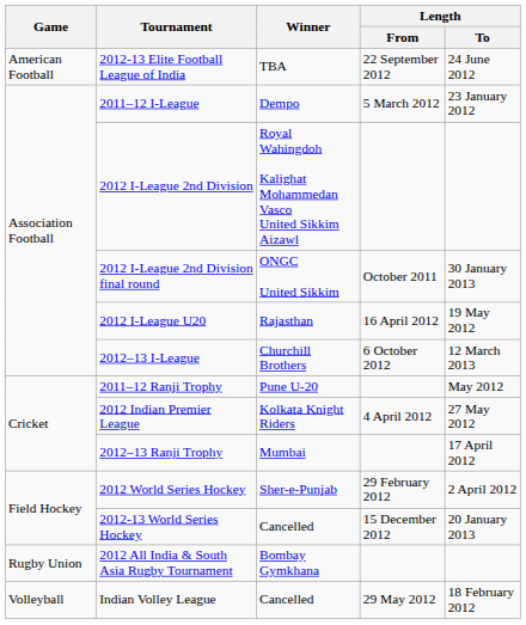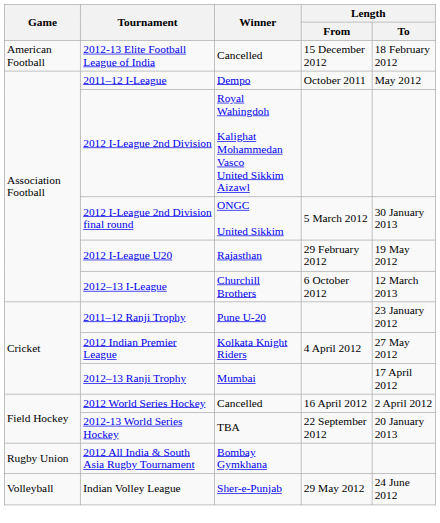 <table class="wikitable">
 <tr>
 <th rowspan=2>Game</th>
 <th rowspan=2>Tournament</th>
 <th rowspan=2>Winner</th>
 <th colspan=2>Length</th>
 </tr>
 <tr>
 <th>From</th>
 <th>To</th>
 </tr>
 <tr>
 <td>American Football</td>
 <td><a href='#'>2012-13 Elite Football League of India</a></td>
-<td>TBA</td>
-<td>22 September 2012</td>
-<td>24 June 2012</td>
+<td>Cancelled</td>
+<td>15 December 2012</td>
+<td>18 February 2012</td>
 </tr>
 <tr>
 <td rowspan=5>Association Football</td>
 <td><a href='#'>2011–12 I-League</a></td>
 <td><a href='#'>Dempo</a></td>
-<td>5 March 2012</td>
-<td>23 January 2012</td>
+<td>October 2011</td>
+<td>May 2012</td>
 </tr>
 <tr>
 <td><a href='#'>2012 I-League 2nd Division</a></td>
 <td><a href='#'>Royal Wahingdoh</a><br><br><a href='#'>Kalighat</a><br> <a href='#'>Mohammedan</a><br> <a href='#'>Vasco</a><br> <a href='#'>United Sikkim</a><br> <a href='#'>Aizawl</a></td>
 <td></td>
 <td></td>
 </tr>
 <tr>
 <td><a href='#'>2012 I-League 2nd Division final round</a></td>
 <td><a href='#'>ONGC</a><br><br><a href='#'>United Sikkim</a></td>
-<td>October 2011</td>
+<td>5 March 2012</td>
 <td>30 January 2013</td>
 </tr>
 <tr>
 <td><a href='#'>2012 I-League U20</a></td>
 <td><a href='#'>Rajasthan</a></td>
-<td>16 April 2012</td>
+<td>29 February 2012</td>
 <td>19 May 2012</td>
 </tr>
 <tr>
 <td><a href='#'>2012–13 I-League</a></td>
 <td><a href='#'>Churchill Brothers</a></td>
 <td>6 October 2012</td>
 <td>12 March 2013</td>
 </tr>
 <tr>
 <td rowspan=3>Cricket</td>
 <td><a href='#'>2011–12 Ranji Trophy</a></td>
 <td><a href='#'>Pune U-20</a></td>
 <td></td>
-<td>May 2012</td>
+<td>23 January 2012</td>
 </tr>
 <tr>
 <td><a href='#'>2012 Indian Premier League</a></td>
 <td><a href='#'>Kolkata Knight Riders</a></td>
 <td>4 April 2012</td>
 <td>27 May 2012</td>
 </tr>
 <tr>
 <td><a href='#'>2012–13 Ranji Trophy</a></td>
 <td><a href='#'>Mumbai</a></td>
 <td></td>
 <td>17 April 2012</td>
 </tr>
 <tr>
 <td rowspan=2>Field Hockey</td>
 <td><a href='#'>2012 World Series Hockey</a></td>
-<td><a href='#'>Sher-e-Punjab</a></td>
-<td>29 February 2012</td>
+<td>Cancelled</td>
+<td>16 April 2012</td>
 <td>2 April 2012</td>
 </tr>
 <tr>
 <td><a href='#'>2012-13 World Series Hockey</a></td>
-<td>Cancelled</td>
-<td>15 December 2012</td>
+<td>TBA</td>
+<td>22 September 2012</td>
 <td>20 January 2013</td>
 </tr>
 <tr>
 <td>Rugby Union</td>
 <td><a href='#'>2012 All India & South Asia Rugby Tournament</a></td>
 <td><a href='#'>Bombay Gymkhana</a></td>
 <td></td>
 <td></td>
 </tr>
 <tr>
 <td>Volleyball</td>
 <td>Indian Volley League</td>
-<td>Cancelled</td>
+<td><a href='#'>Sher-e-Punjab</a></td>
 <td>29 May 2012</td>
-<td>18 February 2012</td>
+<td>24 June 2012</td>
 </tr>
 </table>
